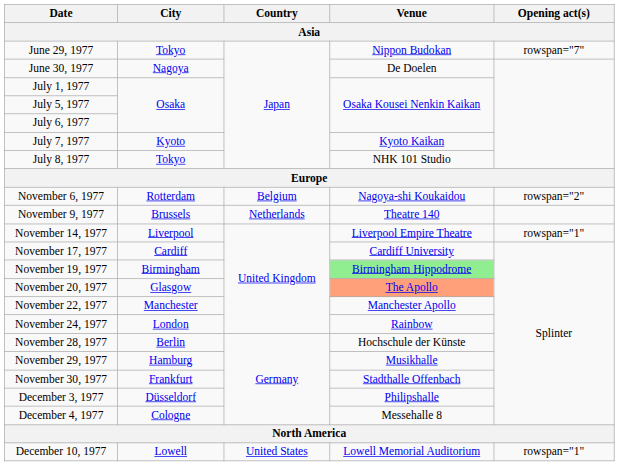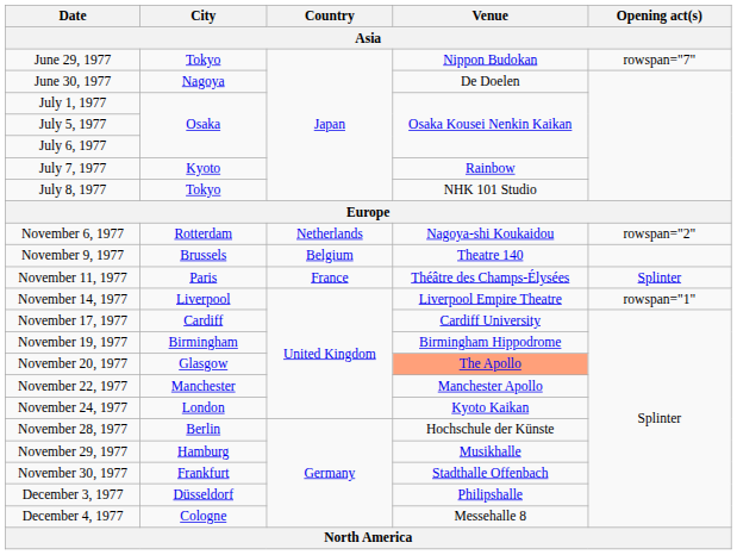 <table class="wikitable" style="text-align:center;">
 <tr>
 <th width="150">Date</th>
 <th width="140">City</th>
 <th width="140">Country</th>
 <th width="220">Venue</th>
 <th width="160">Opening act(s)</th>
 </tr>
 <tr>
 <th colspan="5">Asia</th>
 </tr>
 <tr>
 <td>June 29, 1977</td>
 <td><a href='#'>Tokyo</a></td>
 <td rowspan="7"><a href='#'>Japan</a></td>
 <td><a href='#'>Nippon Budokan</a></td>
 <td>rowspan="7" </td>
 </tr>
 <tr>
 <td>June 30, 1977</td>
 <td><a href='#'>Nagoya</a></td>
 <td>De Doelen</td>
 </tr>
 <tr>
 <td>July 1, 1977</td>
 <td rowspan="3"><a href='#'>Osaka</a></td>
 <td rowspan="3"><a href='#'>Osaka Kousei Nenkin Kaikan</a></td>
 </tr>
 <tr>
 <td>July 5, 1977</td>
 </tr>
 <tr>
 <td>July 6, 1977</td>
 </tr>
 <tr>
 <td>July 7, 1977</td>
 <td><a href='#'>Kyoto</a></td>
-<td><a href='#'>Kyoto Kaikan</a></td>
+<td><a href='#'>Rainbow</a></td>
 </tr>
 <tr>
 <td>July 8, 1977</td>
 <td><a href='#'>Tokyo</a></td>
 <td>NHK 101 Studio </td>
 </tr>
 <tr>
 <th colspan="5">Europe</th>
 </tr>
 <tr>
 <td>November 6, 1977</td>
 <td><a href='#'>Rotterdam</a></td>
-<td><a href='#'>Belgium</a></td>
+<td><a href='#'>Netherlands</a></td>
 <td><a href='#'>Nagoya-shi Koukaidou</a></td>
 <td>rowspan="2" </td>
 </tr>
 <tr>
 <td>November 9, 1977</td>
 <td><a href='#'>Brussels</a></td>
-<td><a href='#'>Netherlands</a></td>
+<td><a href='#'>Belgium</a></td>
 <td><a href='#'>Theatre 140</a></td>
+</tr>
+<tr>
+<td>November 11, 1977</td>
+<td><a href='#'>Paris</a></td>
+<td><a href='#'>France</a></td>
+<td><a href='#'>Théâtre des Champs-Élysées</a></td>
+<td rowspan="1"><a href='#'>Splinter</a></td>
 </tr>
 <tr>
 <td>November 14, 1977</td>
 <td><a href='#'>Liverpool</a></td>
 <td rowspan="6"><a href='#'>United Kingdom</a></td>
 <td><a href='#'>Liverpool Empire Theatre</a></td>
 <td>rowspan="1" </td>
 </tr>
 <tr>
 <td>November 17, 1977</td>
 <td><a href='#'>Cardiff</a></td>
 <td><a href='#'>Cardiff University</a></td>
 <td rowspan="10">Splinter</td>
 </tr>
 <tr>
 <td>November 19, 1977</td>
 <td><a href='#'>Birmingham</a></td>
-<td style="background: lightgreen;"><a href='#'>Birmingham Hippodrome</a></td>
+<td><a href='#'>Birmingham Hippodrome</a></td>
 </tr>
 <tr>
 <td>November 20, 1977</td>
 <td><a href='#'>Glasgow</a></td>
 <td style="background: lightsalmon;"><a href='#'>The Apollo</a></td>
 </tr>
 <tr>
 <td>November 22, 1977</td>
 <td><a href='#'>Manchester</a></td>
 <td><a href='#'>Manchester Apollo</a></td>
 </tr>
 <tr>
 <td>November 24, 1977</td>
 <td><a href='#'>London</a></td>
-<td><a href='#'>Rainbow</a></td>
+<td><a href='#'>Kyoto Kaikan</a></td>
 </tr>
 <tr>
 <td>November 28, 1977</td>
 <td><a href='#'>Berlin</a></td>
 <td rowspan="5"><a href='#'>Germany</a></td>
 <td>Hochschule der Künste</td>
 </tr>
 <tr>
 <td>November 29, 1977</td>
 <td><a href='#'>Hamburg</a></td>
 <td><a href='#'>Musikhalle</a></td>
 </tr>
 <tr>
 <td>November 30, 1977</td>
 <td><a href='#'>Frankfurt</a></td>
 <td><a href='#'>Stadthalle Offenbach</a></td>
 </tr>
 <tr>
 <td>December 3, 1977</td>
 <td><a href='#'>Düsseldorf</a></td>
 <td><a href='#'>Philipshalle</a></td>
 </tr>
 <tr>
 <td>December 4, 1977</td>
 <td><a href='#'>Cologne</a></td>
 <td>Messehalle 8</td>
 </tr>
 <tr>
 <th colspan="5">North America</th>
 </tr>
-<tr>
-<td>December 10, 1977</td>
-<td><a href='#'>Lowell</a></td>
-<td><a href='#'>United States</a></td>
-<td><a href='#'>Lowell Memorial Auditorium</a></td>
-<td>rowspan="1" </td>
-</tr>
 </table>
